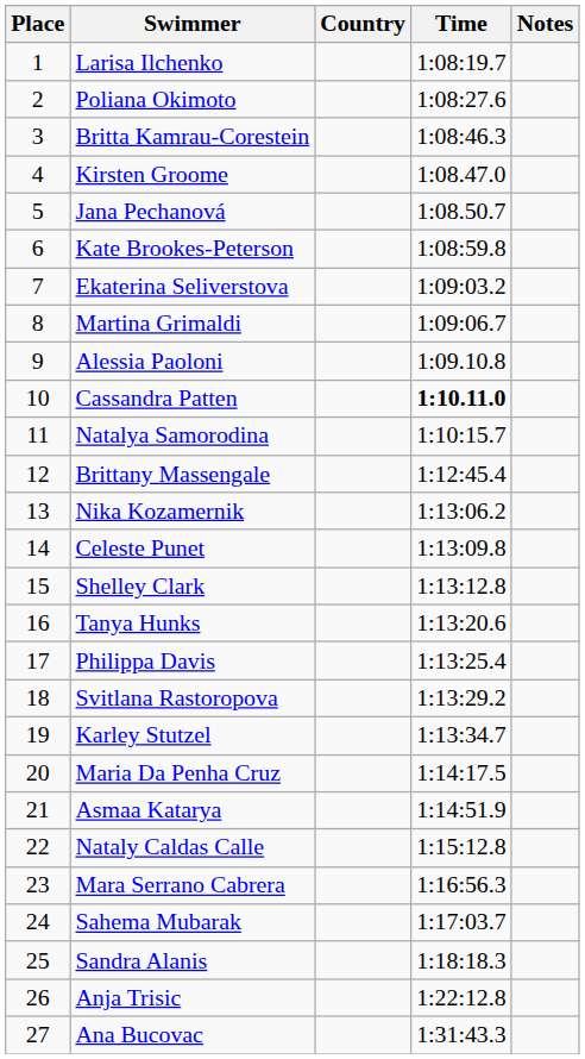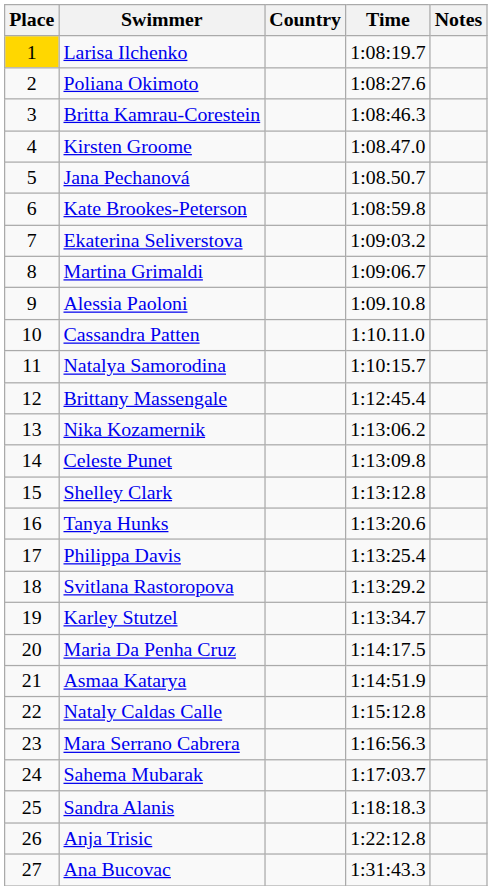 <table class="wikitable" style="text-align:center">
 <tr>
 <th>Place</th>
 <th>Swimmer</th>
 <th>Country</th>
 <th>Time</th>
 <th>Notes</th>
 </tr>
 <tr>
-<td>1</td>
+<td style="background: gold;">1</td>
 <td align=left><a href='#'>Larisa Ilchenko</a></td>
 <td align=left></td>
 <td>1:08:19.7</td>
 <td></td>
 </tr>
 <tr>
 <td>2</td>
 <td align=left><a href='#'>Poliana Okimoto</a></td>
 <td align=left></td>
 <td>1:08:27.6</td>
 <td></td>
 </tr>
 <tr>
 <td>3</td>
 <td align=left><a href='#'>Britta Kamrau-Corestein</a></td>
 <td align=left></td>
 <td>1:08:46.3</td>
 <td></td>
 </tr>
 <tr>
 <td>4</td>
 <td align=left><a href='#'>Kirsten Groome</a></td>
 <td align=left></td>
 <td>1:08.47.0</td>
 <td></td>
 </tr>
 <tr>
 <td>5</td>
 <td align=left><a href='#'>Jana Pechanová</a></td>
 <td align=left></td>
 <td>1:08.50.7</td>
 <td></td>
 </tr>
 <tr>
 <td>6</td>
 <td align=left><a href='#'>Kate Brookes-Peterson</a></td>
 <td align=left></td>
 <td>1:08:59.8</td>
 <td></td>
 </tr>
 <tr>
 <td>7</td>
 <td align=left><a href='#'>Ekaterina Seliverstova</a></td>
 <td align=left></td>
 <td>1:09:03.2</td>
 <td></td>
 </tr>
 <tr>
 <td>8</td>
 <td align=left><a href='#'>Martina Grimaldi</a></td>
 <td align=left></td>
 <td>1:09:06.7</td>
 <td></td>
 </tr>
 <tr>
 <td>9</td>
 <td align=left><a href='#'>Alessia Paoloni</a></td>
 <td align=left></td>
 <td>1:09.10.8</td>
 <td></td>
 </tr>
 <tr>
 <td>10</td>
 <td align=left><a href='#'>Cassandra Patten</a></td>
 <td align=left></td>
-<td><strong>1:10.11.0</strong></td>
+<td>1:10.11.0</td>
 <td></td>
 </tr>
 <tr>
 <td>11</td>
 <td align=left><a href='#'>Natalya Samorodina</a></td>
 <td align=left></td>
 <td>1:10:15.7</td>
 <td></td>
 </tr>
 <tr>
 <td>12</td>
 <td align=left><a href='#'>Brittany Massengale</a></td>
 <td align=left></td>
 <td>1:12:45.4</td>
 <td></td>
 </tr>
 <tr>
 <td>13</td>
 <td align=left><a href='#'>Nika Kozamernik</a></td>
 <td align=left></td>
 <td>1:13:06.2</td>
 <td></td>
 </tr>
 <tr>
 <td>14</td>
 <td align=left><a href='#'>Celeste Punet</a></td>
 <td align=left></td>
 <td>1:13:09.8</td>
 <td></td>
 </tr>
 <tr>
 <td>15</td>
 <td align=left><a href='#'>Shelley Clark</a></td>
 <td align=left></td>
 <td>1:13:12.8</td>
 <td></td>
 </tr>
 <tr>
 <td>16</td>
 <td align=left><a href='#'>Tanya Hunks</a></td>
 <td align=left></td>
 <td>1:13:20.6</td>
 <td></td>
 </tr>
 <tr>
 <td>17</td>
 <td align=left><a href='#'>Philippa Davis</a></td>
 <td align=left></td>
 <td>1:13:25.4</td>
 <td></td>
 </tr>
 <tr>
 <td>18</td>
 <td align=left><a href='#'>Svitlana Rastoropova</a></td>
 <td align=left></td>
 <td>1:13:29.2</td>
 <td></td>
 </tr>
 <tr>
 <td>19</td>
 <td align=left><a href='#'>Karley Stutzel</a></td>
 <td align=left></td>
 <td>1:13:34.7</td>
 <td></td>
 </tr>
 <tr>
 <td>20</td>
 <td align=left><a href='#'>Maria Da Penha Cruz</a></td>
 <td align=left></td>
 <td>1:14:17.5</td>
 <td></td>
 </tr>
 <tr>
 <td>21</td>
 <td align=left><a href='#'>Asmaa Katarya</a></td>
 <td align=left></td>
 <td>1:14:51.9</td>
 <td></td>
 </tr>
 <tr>
 <td>22</td>
 <td align=left><a href='#'>Nataly Caldas Calle</a></td>
 <td align=left></td>
 <td>1:15:12.8</td>
 <td></td>
 </tr>
 <tr>
 <td>23</td>
 <td align=left><a href='#'>Mara Serrano Cabrera</a></td>
 <td align=left></td>
 <td>1:16:56.3</td>
 <td></td>
 </tr>
 <tr>
 <td>24</td>
 <td align=left><a href='#'>Sahema Mubarak</a></td>
 <td align=left></td>
 <td>1:17:03.7</td>
 <td></td>
 </tr>
 <tr>
 <td>25</td>
 <td align=left><a href='#'>Sandra Alanis</a></td>
 <td align=left></td>
 <td>1:18:18.3</td>
 <td></td>
 </tr>
 <tr>
 <td>26</td>
 <td align=left><a href='#'>Anja Trisic</a></td>
 <td align=left></td>
 <td>1:22:12.8</td>
 <td></td>
 </tr>
 <tr>
 <td>27</td>
 <td align=left><a href='#'>Ana Bucovac</a></td>
 <td align=left></td>
 <td>1:31:43.3</td>
 <td></td>
 </tr>
 <tr>
 </tr>
 </table>
